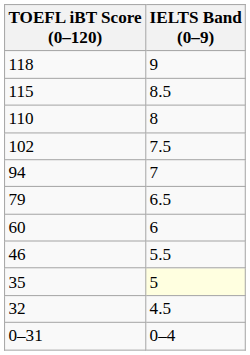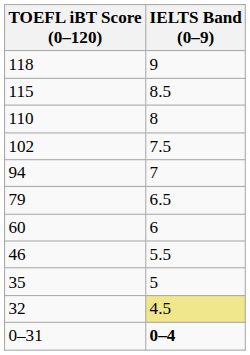 <table class="wikitable">
 <tr>
 <th>TOEFL iBT Score<br>(0–120)</th>
 <th>IELTS Band<br>(0–9)</th>
 </tr>
 <tr>
 <td>118</td>
 <td>9</td>
 </tr>
 <tr>
 <td>115</td>
 <td>8.5</td>
 </tr>
 <tr>
 <td>110</td>
 <td>8</td>
 </tr>
 <tr>
 <td>102</td>
 <td>7.5</td>
 </tr>
 <tr>
 <td>94</td>
 <td>7</td>
 </tr>
 <tr>
 <td>79</td>
 <td>6.5</td>
 </tr>
 <tr>
 <td>60</td>
 <td>6</td>
 </tr>
 <tr>
 <td>46</td>
 <td>5.5</td>
 </tr>
 <tr>
 <td>35</td>
-<td style="background: lightyellow;">5</td>
+<td>5</td>
 </tr>
 <tr>
 <td>32</td>
-<td>4.5</td>
+<td style="background: khaki;">4.5</td>
 </tr>
 <tr>
 <td>0–31</td>
-<td>0–4</td>
+<td><strong>0–4</strong></td>
 </tr>
 </table>
